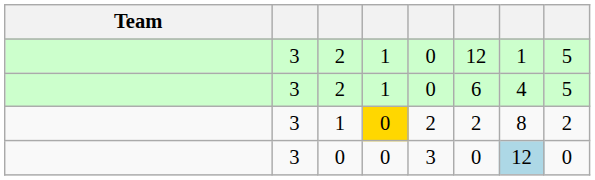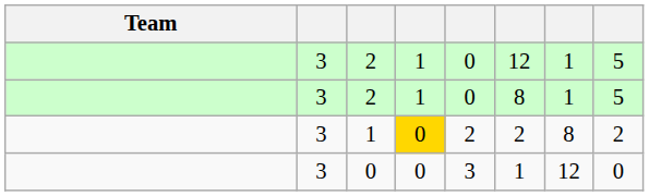 <table class="wikitable" style="text-align: center; font-size: 90%;">
 <tr>
 <th width=180>Team</th>
 <th width=25></th>
 <th width=25></th>
 <th width=25></th>
 <th width=25></th>
 <th width=25></th>
 <th width=25></th>
 <th width=25></th>
 </tr>
 <tr bgcolor=#ccffcc>
 <td align="left"></td>
 <td>3</td>
 <td>2</td>
 <td>1</td>
 <td>0</td>
 <td>12</td>
 <td>1</td>
 <td>5</td>
 </tr>
 <tr bgcolor=#ccffcc>
 <td align="left"></td>
 <td>3</td>
 <td>2</td>
 <td>1</td>
 <td>0</td>
-<td>6</td>
-<td>4</td>
+<td>8</td>
+<td>1</td>
 <td>5</td>
 </tr>
 <tr>
 <td align="left"></td>
 <td>3</td>
 <td>1</td>
 <td style="background: gold;">0</td>
 <td>2</td>
 <td>2</td>
 <td>8</td>
 <td>2</td>
 </tr>
 <tr>
 <td align="left"></td>
 <td>3</td>
 <td>0</td>
 <td>0</td>
 <td>3</td>
-<td>0</td>
-<td style="background: lightblue;">12</td>
+<td>1</td>
+<td>12</td>
 <td>0</td>
 </tr>
 </table>
